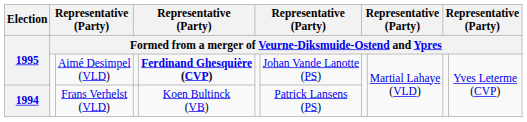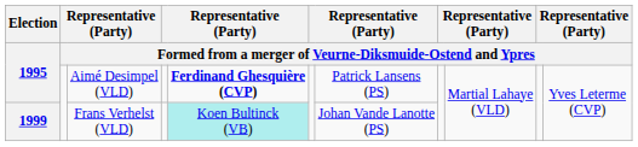 <table class="wikitable" style="text-align:center">
 <tr>
 <th>Election</th>
 <th colspan=2>Representative<br>(Party)</th>
 <th colspan=2>Representative<br>(Party)</th>
 <th colspan=2>Representative<br>(Party)</th>
 <th colspan=2>Representative<br>(Party)</th>
 <th colspan=2>Representative<br>(Party)</th>
 </tr>
 <tr>
 <th rowspan=2><a href='#'>1995</a></th>
 <th colspan=10>Formed from a merger of <a href='#'>Veurne-Diksmuide-Ostend</a> and <a href='#'>Ypres</a></th>
 </tr>
 <tr>
 <td rowspan=2; style="background-color: "></td>
 <td rowspan=1><a href='#'>Aimé Desimpel</a><br>(<a href='#'>VLD</a>)</td>
 <td rowspan=1; style="background-color: "></td>
 <td rowspan=1><strong><a href='#'>Ferdinand Ghesquière</a><br>(<a href='#'>CVP</a>)</strong></td>
 <td rowspan=2; style="background-color: "></td>
-<td rowspan=1><a href='#'>Johan Vande Lanotte</a><br>(<a href='#'>PS</a>)</td>
+<td rowspan=1><a href='#'>Patrick Lansens</a><br>(<a href='#'>PS</a>)</td>
 <td rowspan=2; style="background-color: "></td>
 <td rowspan=2><a href='#'>Martial Lahaye</a><br>(<a href='#'>VLD</a>)</td>
 <td rowspan=2; style="background-color: "></td>
 <td rowspan=2><a href='#'>Yves Leterme</a><br>(<a href='#'>CVP</a>)</td>
 </tr>
 <tr>
-<th><a href='#'>1994</a></th>
+<th><a href='#'>1999</a></th>
 <td rowspan=1><a href='#'>Frans Verhelst</a><br>(<a href='#'>VLD</a>)</td>
 <td rowspan=1; style="background-color: "></td>
-<td rowspan=1><a href='#'>Koen Bultinck</a><br>(<a href='#'>VB</a>)</td>
-<td rowspan=1><a href='#'>Patrick Lansens</a><br>(<a href='#'>PS</a>)</td>
+<td rowspan=1 style="background: paleturquoise;"><a href='#'>Koen Bultinck</a><br>(<a href='#'>VB</a>)</td>
+<td rowspan=1><a href='#'>Johan Vande Lanotte</a><br>(<a href='#'>PS</a>)</td>
 </tr>
 </table>
